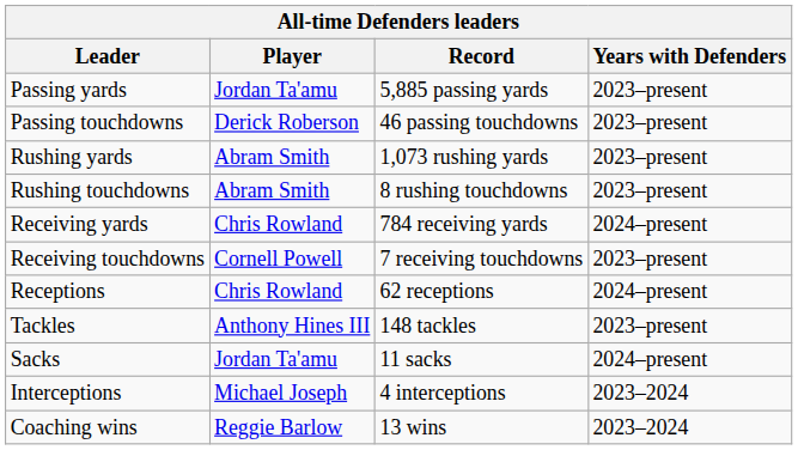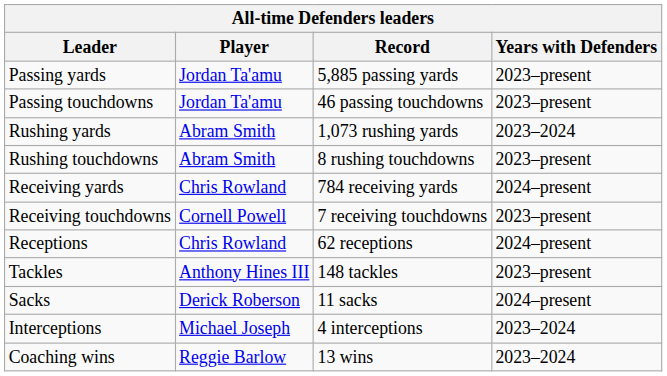 <table class="wikitable">
 <tr>
 <th colspan="5">All-time Defenders leaders</th>
 </tr>
 <tr>
 <th>Leader</th>
 <th>Player</th>
 <th>Record</th>
 <th>Years with Defenders</th>
 </tr>
 <tr>
 <td>Passing yards</td>
 <td><a href='#'>Jordan Ta'amu</a></td>
 <td>5,885 passing yards</td>
 <td>2023–present</td>
 </tr>
 <tr>
 <td>Passing touchdowns</td>
-<td><a href='#'>Derick Roberson</a></td>
+<td><a href='#'>Jordan Ta'amu</a></td>
 <td>46 passing touchdowns</td>
 <td>2023–present</td>
 </tr>
 <tr>
 <td>Rushing yards</td>
 <td><a href='#'>Abram Smith</a></td>
 <td>1,073 rushing yards</td>
-<td>2023–present</td>
+<td>2023–2024</td>
 </tr>
 <tr>
 <td>Rushing touchdowns</td>
 <td><a href='#'>Abram Smith</a></td>
 <td>8 rushing touchdowns</td>
 <td>2023–present</td>
 </tr>
 <tr>
 <td>Receiving yards</td>
 <td><a href='#'>Chris Rowland</a></td>
 <td>784 receiving yards</td>
 <td>2024–present</td>
 </tr>
 <tr>
 <td>Receiving touchdowns</td>
 <td><a href='#'>Cornell Powell</a></td>
 <td>7 receiving touchdowns</td>
 <td>2023–present</td>
 </tr>
 <tr>
 <td>Receptions</td>
 <td><a href='#'>Chris Rowland</a></td>
 <td>62 receptions</td>
 <td>2024–present</td>
 </tr>
 <tr>
 <td>Tackles</td>
 <td><a href='#'>Anthony Hines III</a></td>
 <td>148 tackles</td>
 <td>2023–present</td>
 </tr>
 <tr>
 <td>Sacks</td>
-<td><a href='#'>Jordan Ta'amu</a></td>
+<td><a href='#'>Derick Roberson</a></td>
 <td>11 sacks</td>
 <td>2024–present</td>
 </tr>
 <tr>
 <td>Interceptions</td>
 <td><a href='#'>Michael Joseph</a></td>
 <td>4 interceptions</td>
 <td>2023–2024</td>
 </tr>
 <tr>
 <td>Coaching wins</td>
 <td><a href='#'>Reggie Barlow</a></td>
 <td>13 wins</td>
 <td>2023–2024</td>
 </tr>
 </table>
